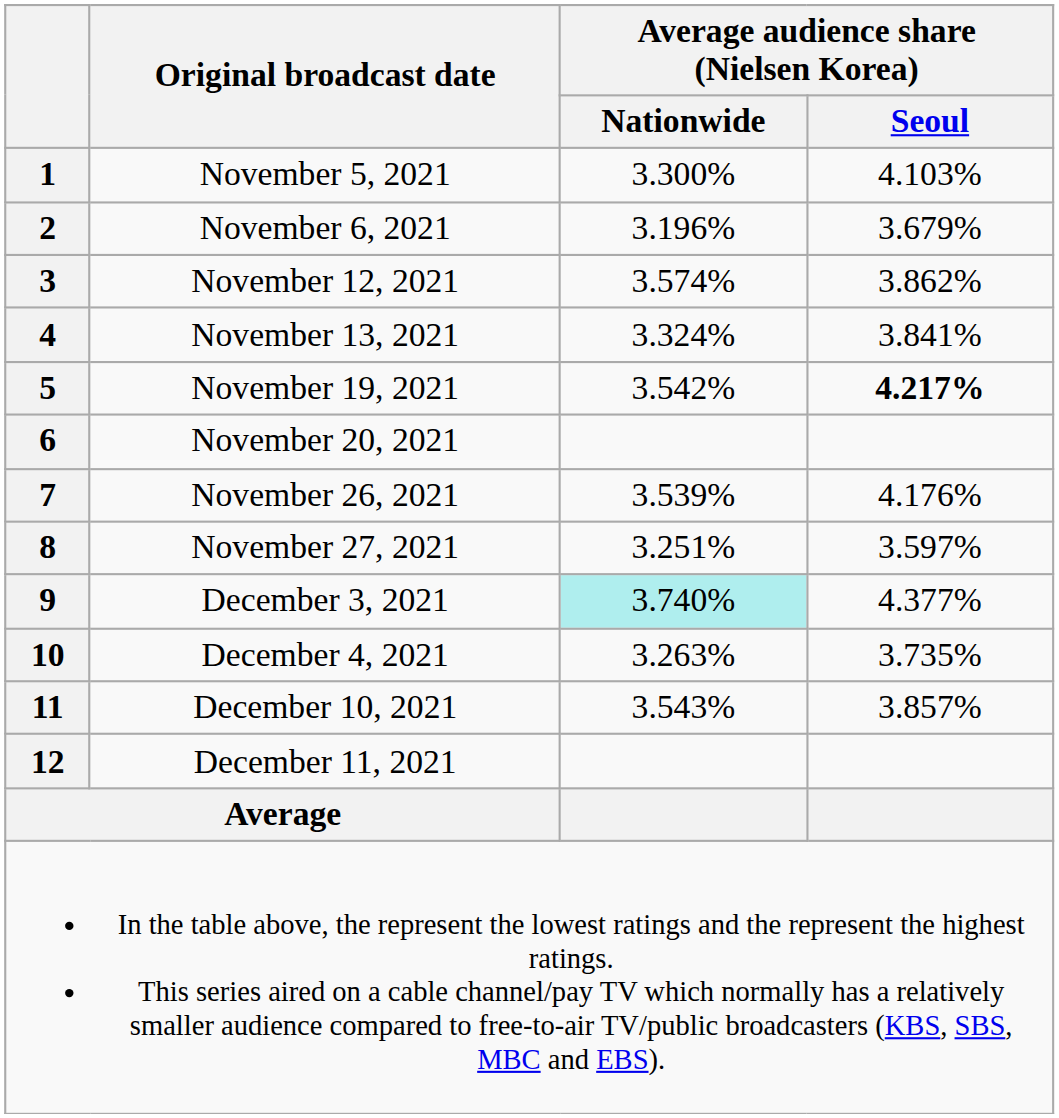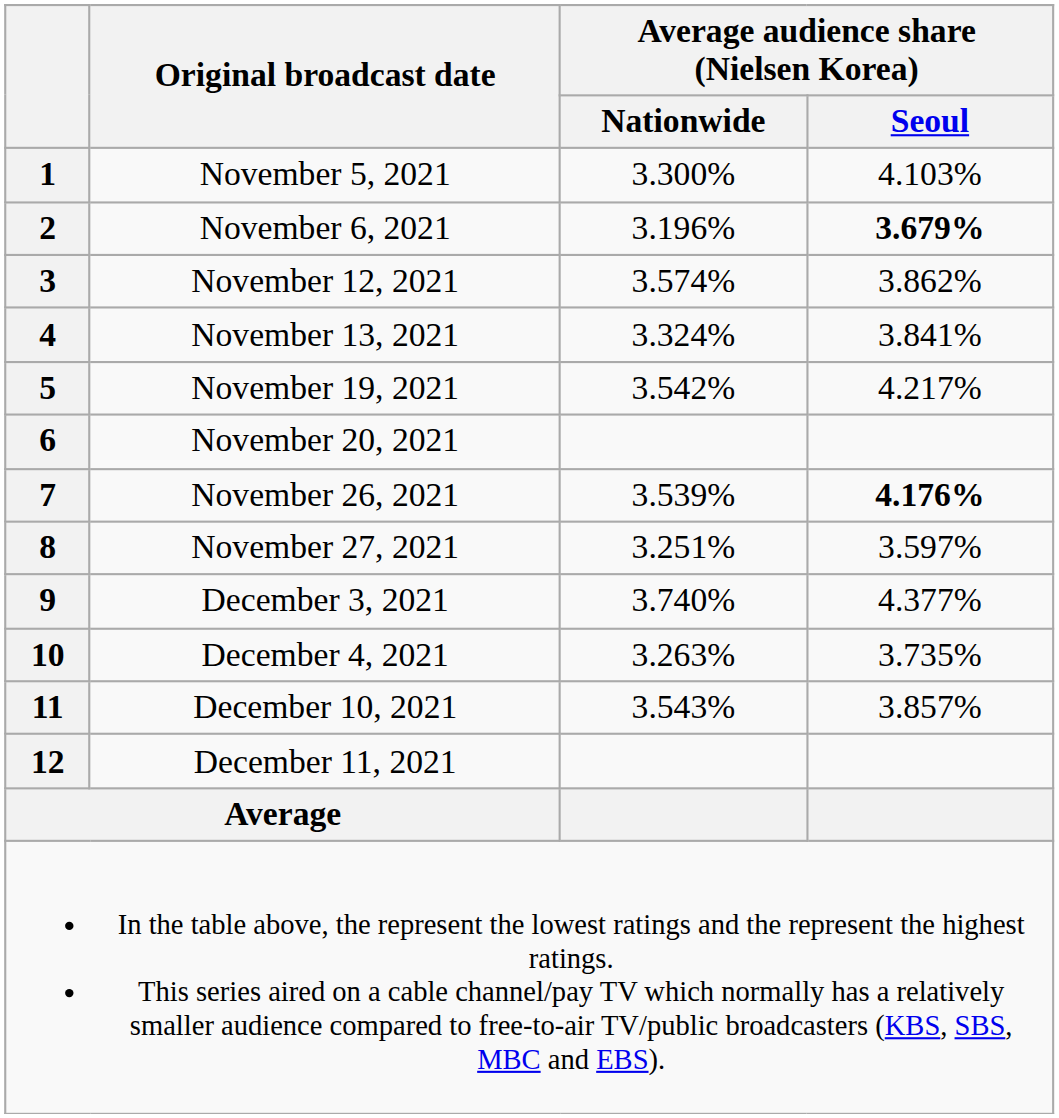 <table class="wikitable" style="text-align:center; max-width:500px; margin-left: auto; margin-right: auto; border: none;">
 <tr>
 </tr>
 <tr>
 <th rowspan="2"></th>
 <th rowspan="2">Original broadcast date</th>
 <th colspan="2">Average audience share<br>(Nielsen Korea)</th>
 </tr>
 <tr>
 <th width="110">Nationwide</th>
 <th width="110"><a href='#'>Seoul</a></th>
 </tr>
 <tr>
 <th>1</th>
 <td>November 5, 2021</td>
 <td>3.300% </td>
 <td>4.103% </td>
 </tr>
 <tr>
 <th>2</th>
 <td>November 6, 2021</td>
 <td>3.196% </td>
-<td>3.679% </td>
+<td><strong>3.679% </strong></td>
 </tr>
 <tr>
 <th>3</th>
 <td>November 12, 2021</td>
 <td>3.574% </td>
 <td>3.862% </td>
 </tr>
 <tr>
 <th>4</th>
 <td>November 13, 2021</td>
 <td>3.324% </td>
 <td>3.841% </td>
 </tr>
 <tr>
 <th>5</th>
 <td>November 19, 2021</td>
 <td>3.542% </td>
-<td><strong>4.217% </strong></td>
+<td>4.217% </td>
 </tr>
 <tr>
 <th>6</th>
 <td>November 20, 2021</td>
 <td><strong></strong> </td>
 <td><strong></strong> </td>
 </tr>
 <tr>
 <th>7</th>
 <td>November 26, 2021</td>
 <td>3.539% </td>
-<td>4.176% </td>
+<td><strong>4.176% </strong></td>
 </tr>
 <tr>
 <th>8</th>
 <td>November 27, 2021</td>
 <td>3.251% </td>
 <td>3.597% </td>
 </tr>
 <tr>
 <th>9</th>
 <td>December 3, 2021</td>
-<td style="background: paleturquoise;">3.740% </td>
+<td>3.740% </td>
 <td>4.377% </td>
 </tr>
 <tr>
 <th>10</th>
 <td>December 4, 2021</td>
 <td>3.263% </td>
 <td>3.735% </td>
 </tr>
 <tr>
 <th>11</th>
 <td>December 10, 2021</td>
 <td>3.543% </td>
 <td>3.857% </td>
 </tr>
 <tr>
 <th>12</th>
 <td>December 11, 2021</td>
 <td><strong></strong> </td>
 <td><strong></strong> </td>
 </tr>
 <tr>
 <th colspan="2">Average</th>
 <th></th>
 <th></th>
 </tr>
 <tr>
 <td colspan="4" style="font-size:85%"><br><ul><li>In the table above, the <strong></strong> represent the lowest ratings and the <strong></strong> represent the highest ratings.</li><li>This series aired on a cable channel/pay TV which normally has a relatively smaller audience compared to free-to-air TV/public broadcasters (<a href='#'>KBS</a>, <a href='#'>SBS</a>, <a href='#'>MBC</a> and <a href='#'>EBS</a>).</li></ul></td>
 </tr>
 </table>
